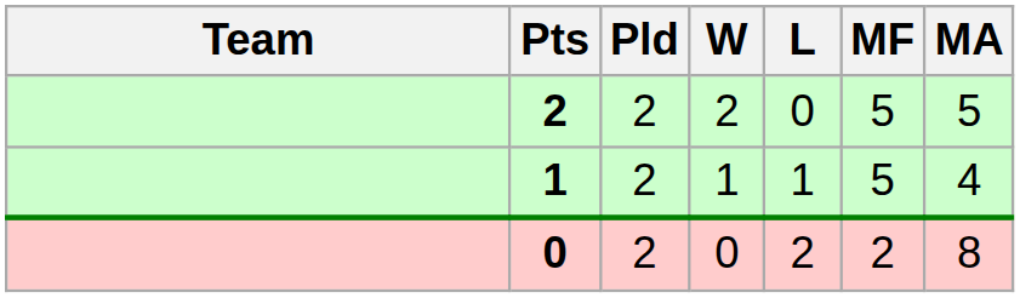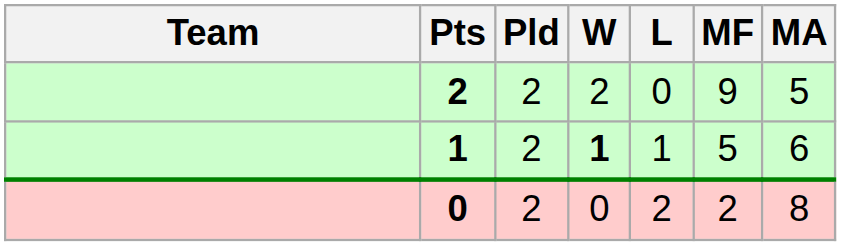 <table class=wikitable style="text-align:center">
 <tr>
 <th width=175>Team</th>
 <th width=20>Pts</th>
 <th width=20>Pld</th>
 <th width=20>W</th>
 <th width=20>L</th>
 <th width=20>MF</th>
 <th width=20>MA</th>
 </tr>
 <tr bgcolor=ccffcc>
 <td style="text-align:left"></td>
 <td><strong>2</strong></td>
 <td>2</td>
 <td>2</td>
 <td>0</td>
-<td>5</td>
+<td>9</td>
 <td>5</td>
 </tr>
 <tr bgcolor=ccffcc style="border-bottom:2px solid green;">
 <td style="text-align:left"></td>
 <td><strong>1</strong></td>
 <td>2</td>
-<td>1</td>
+<td><strong>1</strong></td>
 <td>1</td>
 <td>5</td>
-<td>4</td>
+<td>6</td>
 </tr>
 <tr bgcolor=ffcccc>
 <td style="text-align:left"></td>
 <td><strong>0</strong></td>
 <td>2</td>
 <td>0</td>
 <td>2</td>
 <td>2</td>
 <td>8</td>
 </tr>
 </table>
